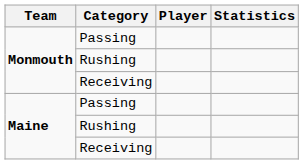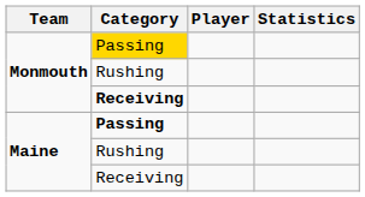 <table class="wikitable" style="float: right;">
 <tr>
 <th>Team</th>
 <th>Category</th>
 <th>Player</th>
 <th>Statistics</th>
 </tr>
 <tr>
 <td rowspan=3><strong>Monmouth</strong></td>
-<td>Passing</td>
+<td style="background: gold;">Passing</td>
 <td></td>
 <td></td>
 </tr>
 <tr>
 <td>Rushing</td>
 <td></td>
 <td></td>
 </tr>
 <tr>
-<td>Receiving</td>
+<td><strong>Receiving</strong></td>
 <td></td>
 <td></td>
 </tr>
 <tr>
 <td rowspan=3><strong>Maine</strong></td>
-<td>Passing</td>
+<td><strong>Passing</strong></td>
 <td></td>
 <td></td>
 </tr>
 <tr>
 <td>Rushing</td>
 <td></td>
 <td></td>
 </tr>
 <tr>
 <td>Receiving</td>
 <td></td>
 <td></td>
 </tr>
 </table>
